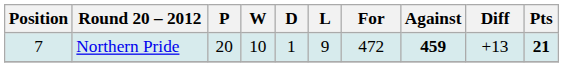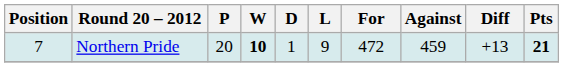 <table class="wikitable" style="text-align:center; font-size:85%;">
 <tr>
 <th width=40 abbr="Position">Position</th>
 <th width=100>Round 20 – 2012</th>
 <th width=20 abbr="Played">P</th>
 <th width=20 abbr="Won">W</th>
 <th width=20 abbr="Drawn">D</th>
 <th width=20 abbr="Lost">L</th>
 <th width=40 abbr="Points for">For</th>
 <th width=40 abbr="Points against">Against</th>
 <th width=40 abbr="Points difference">Diff</th>
 <th width=20 abbr="Points">Pts</th>
 </tr>
 <tr style="background: #d7ebed;">
 <td>7</td>
 <td style="text-align:left;"> <a href='#'>Northern Pride</a></td>
 <td>20</td>
-<td>10</td>
+<td><strong>10</strong></td>
 <td>1</td>
 <td>9</td>
 <td>472</td>
-<td><strong>459</strong></td>
+<td>459</td>
 <td>+13</td>
 <td><strong>21</strong></td>
 </tr>
 <tr>
 </tr>
 </table>
